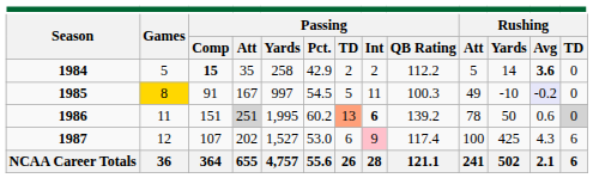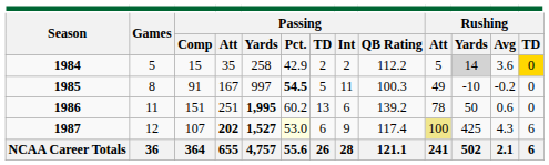 <table class=wikitable style="text-align:center;">
 <tr>
 <td ! colspan=15 style="background: #006633; border: 2px solid white; color:white;"></td>
 </tr>
 <tr>
 <th rowspan=2>Season</th>
 <th rowspan=2>Games</th>
 <th colspan=7>Passing</th>
 <th colspan=4>Rushing</th>
 </tr>
 <tr>
 <th>Comp</th>
 <th>Att</th>
 <th>Yards</th>
 <th>Pct.</th>
 <th>TD</th>
 <th>Int</th>
 <th>QB Rating</th>
 <th>Att</th>
 <th>Yards</th>
 <th>Avg</th>
 <th>TD</th>
 </tr>
 <tr>
 <td><strong>1984</strong></td>
 <td>5</td>
-<td><strong>15</strong></td>
+<td>15</td>
 <td>35</td>
 <td>258</td>
 <td>42.9</td>
 <td>2</td>
 <td>2</td>
 <td>112.2</td>
 <td>5</td>
-<td>14</td>
-<td><strong>3.6</strong></td>
-<td>0</td>
+<td style="background: lightgrey;">14</td>
+<td>3.6</td>
+<td style="background: gold;">0</td>
 </tr>
 <tr>
 <td><strong>1985</strong></td>
-<td style="background: gold;">8</td>
+<td>8</td>
 <td>91</td>
 <td>167</td>
 <td>997</td>
-<td>54.5</td>
+<td><strong>54.5</strong></td>
 <td>5</td>
 <td>11</td>
 <td>100.3</td>
 <td>49</td>
 <td>-10</td>
-<td style="background: lavender;">-0.2</td>
+<td>-0.2</td>
 <td>0</td>
 </tr>
 <tr>
 <td><strong>1986</strong></td>
 <td>11</td>
 <td>151</td>
-<td style="background: lightgrey;">251</td>
-<td>1,995</td>
+<td>251</td>
+<td><strong>1,995</strong></td>
 <td>60.2</td>
-<td style="background: lightsalmon;">13</td>
-<td><strong>6</strong></td>
+<td>13</td>
+<td>6</td>
 <td>139.2</td>
 <td>78</td>
 <td>50</td>
 <td>0.6</td>
-<td style="background: lightgrey;">0</td>
+<td>0</td>
 </tr>
 <tr>
 <td><strong>1987</strong></td>
 <td>12</td>
 <td>107</td>
-<td>202</td>
-<td>1,527</td>
-<td>53.0</td>
+<td><strong>202</strong></td>
+<td><strong>1,527</strong></td>
+<td style="background: lightyellow;">53.0</td>
 <td>6</td>
-<td style="background: pink;">9</td>
+<td>9</td>
 <td>117.4</td>
-<td>100</td>
+<td style="background: khaki;">100</td>
 <td>425</td>
 <td>4.3</td>
 <td>6</td>
 </tr>
 <tr>
 <th>NCAA Career Totals</th>
 <th>36</th>
 <th>364</th>
 <th>655</th>
 <th>4,757</th>
 <th>55.6</th>
 <th>26</th>
 <th>28</th>
 <th>121.1</th>
 <th>241</th>
 <th>502</th>
 <th>2.1</th>
 <th>6</th>
 </tr>
 </table>
